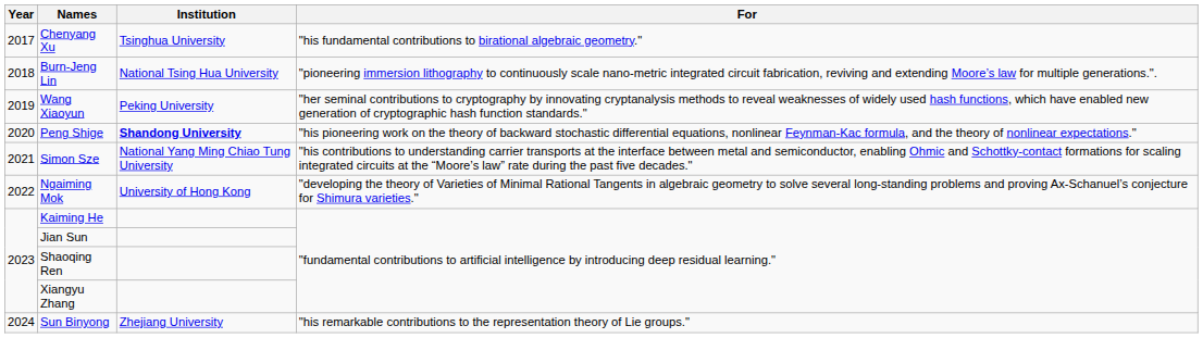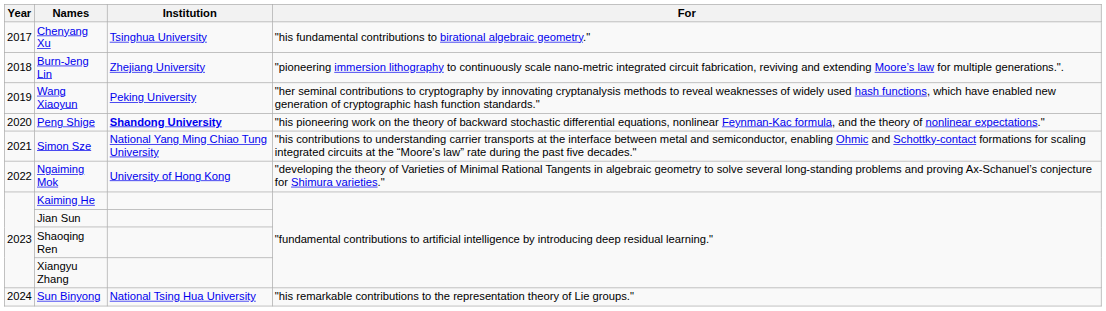 <table class="wikitable">
 <tr>
 <th>Year</th>
 <th>Names</th>
 <th>Institution</th>
 <th>For</th>
 </tr>
 <tr>
 <td>2017</td>
 <td><a href='#'>Chenyang Xu</a></td>
 <td><a href='#'>Tsinghua University</a></td>
 <td>"his fundamental contributions to <a href='#'>birational algebraic geometry</a>."</td>
 </tr>
 <tr>
 <td>2018</td>
 <td><a href='#'>Burn-Jeng Lin</a></td>
-<td><a href='#'>National Tsing Hua University</a></td>
+<td><a href='#'>Zhejiang University</a></td>
 <td>"pioneering <a href='#'>immersion lithography</a> to continuously scale nano-metric integrated circuit fabrication, reviving and extending <a href='#'>Moore’s law</a> for multiple generations.".</td>
 </tr>
 <tr>
 <td>2019</td>
 <td><a href='#'>Wang Xiaoyun</a></td>
 <td><a href='#'>Peking University</a></td>
 <td>"her seminal contributions to cryptography by innovating cryptanalysis methods to reveal weaknesses of widely used <a href='#'>hash functions</a>, which have enabled new generation of cryptographic hash function standards."</td>
 </tr>
 <tr>
 <td>2020</td>
 <td><a href='#'>Peng Shige</a></td>
 <td><strong><a href='#'>Shandong University</a></strong></td>
 <td>"his pioneering work on the theory of backward stochastic differential equations, nonlinear <a href='#'>Feynman-Kac formula</a>, and the theory of <a href='#'>nonlinear expectations</a>."</td>
 </tr>
 <tr>
 <td>2021</td>
 <td><a href='#'>Simon Sze</a></td>
 <td><a href='#'>National Yang Ming Chiao Tung University</a></td>
 <td>"his contributions to understanding carrier transports at the interface between metal and semiconductor, enabling <a href='#'>Ohmic</a> and <a href='#'>Schottky-contact</a> formations for scaling integrated circuits at the “Moore’s law” rate during the past five decades."</td>
 </tr>
 <tr>
 <td>2022</td>
 <td><a href='#'>Ngaiming Mok</a></td>
 <td><a href='#'>University of Hong Kong</a></td>
 <td>"developing the theory of Varieties of Minimal Rational Tangents in algebraic geometry to solve several long-standing problems and proving Ax-Schanuel’s conjecture for <a href='#'>Shimura varieties</a>."</td>
 </tr>
 <tr>
 <td rowspan="4">2023</td>
 <td><a href='#'>Kaiming He</a></td>
 <td></td>
 <td rowspan="4">"fundamental contributions to artificial intelligence by introducing deep residual learning."</td>
 </tr>
 <tr>
 <td>Jian Sun</td>
 <td></td>
 </tr>
 <tr>
 <td>Shaoqing Ren</td>
 <td></td>
 </tr>
 <tr>
 <td>Xiangyu Zhang</td>
 <td></td>
 </tr>
 <tr>
 <td>2024</td>
 <td><a href='#'>Sun Binyong</a></td>
-<td><a href='#'>Zhejiang University</a></td>
+<td><a href='#'>National Tsing Hua University</a></td>
 <td>"his remarkable contributions to the representation theory of Lie groups."</td>
 </tr>
 </table>
